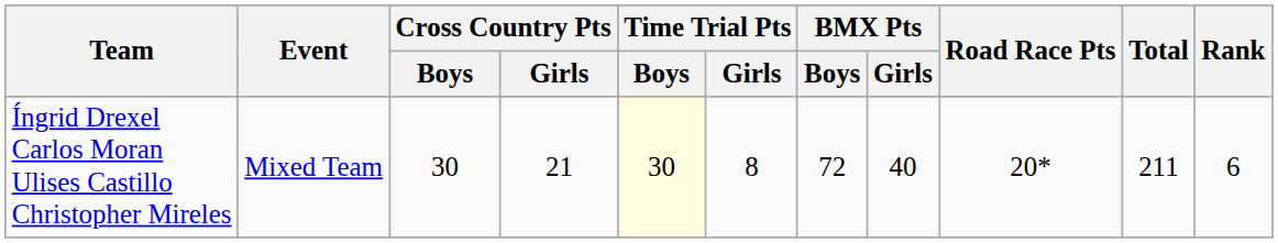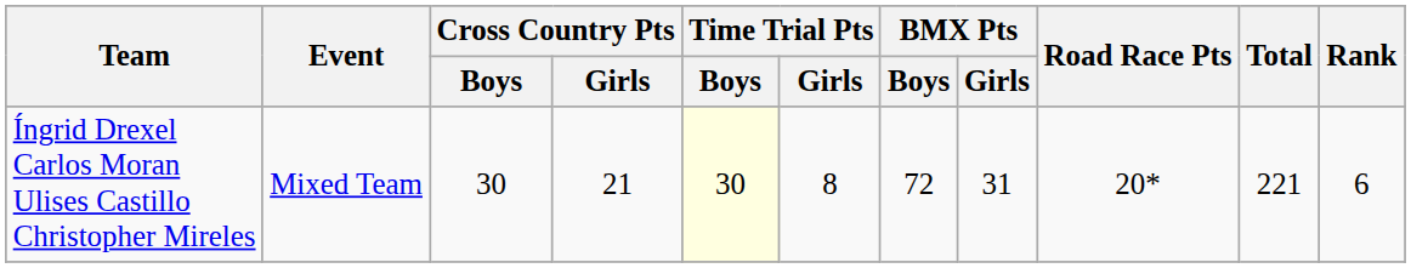 <table class="wikitable" border="1" style="font-size:90%">
 <tr>
 <th rowspan=2>Team</th>
 <th rowspan=2>Event</th>
 <th colspan=2>Cross Country Pts</th>
 <th colspan=2>Time Trial Pts</th>
 <th colspan=2>BMX Pts</th>
 <th rowspan=2>Road Race Pts</th>
 <th rowspan=2>Total</th>
 <th rowspan=2>Rank</th>
 </tr>
 <tr>
 <th>Boys</th>
 <th>Girls</th>
 <th>Boys</th>
 <th>Girls</th>
 <th>Boys</th>
 <th>Girls</th>
 </tr>
 <tr>
 <td><a href='#'>Íngrid Drexel</a><br><a href='#'>Carlos Moran</a><br><a href='#'>Ulises Castillo</a><br><a href='#'>Christopher Mireles</a></td>
 <td><a href='#'>Mixed Team</a></td>
 <td align=center>30</td>
 <td align=center>21</td>
 <td align=center style="background: lightyellow;">30</td>
 <td align=center>8</td>
 <td align=center>72</td>
-<td align=center>40</td>
+<td align=center>31</td>
 <td align=center>20*</td>
-<td align=center>211</td>
+<td align=center>221</td>
 <td align=center>6</td>
 </tr>
 </table>
